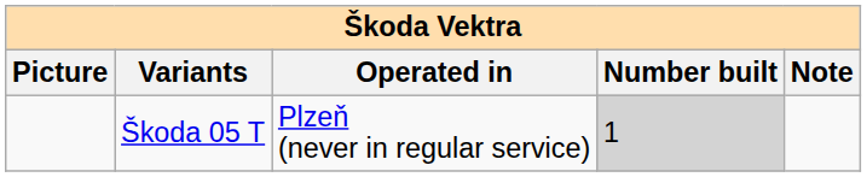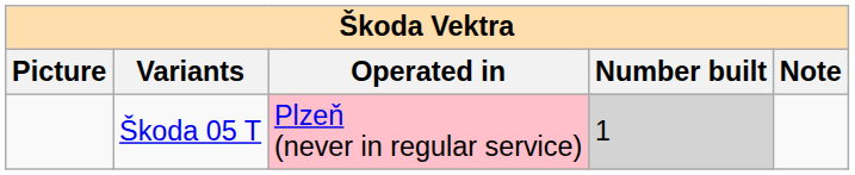 <table class="wikitable">
 <tr>
 <th colspan="5" style="background: #ffdead;">Škoda Vektra</th>
 </tr>
 <tr>
 <th>Picture</th>
 <th>Variants</th>
 <th>Operated in</th>
 <th>Number built</th>
 <th>Note</th>
 </tr>
 <tr>
 <td rowspan="1"></td>
 <td><a href='#'>Škoda 05 T</a></td>
-<td> <a href='#'>Plzeň</a> <br> (never in regular service)</td>
+<td style="background: pink;"> <a href='#'>Plzeň</a> <br> (never in regular service)</td>
 <td style="background: lightgrey;">1</td>
 <td></td>
 </tr>
 </table>
